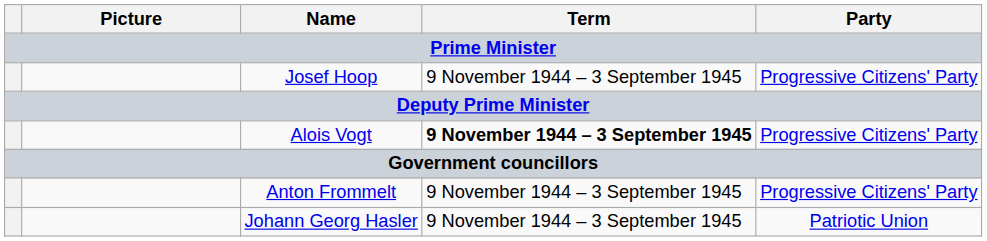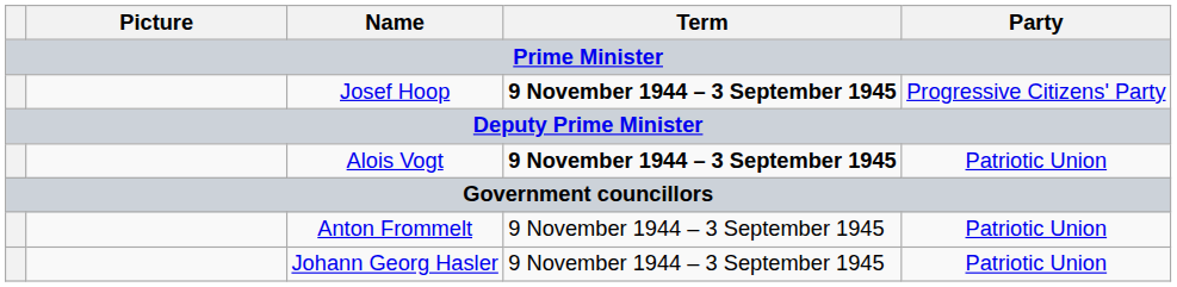 <table class="wikitable" style="text-align:center">
 <tr>
 <th style="width: 0.5em"></th>
 <th style="width: 11.5em"><strong>Picture</strong></th>
 <th><strong>Name</strong></th>
 <th><strong>Term</strong></th>
 <th><strong>Party</strong></th>
 </tr>
 <tr>
 <th colspan="6" style="background:#CCD2D9"><a href='#'>Prime Minister</a></th>
 </tr>
 <tr>
 <th style="background:"></th>
 <td></td>
 <td><a href='#'>Josef Hoop</a></td>
-<td style="text-align:left">9 November 1944 – 3 September 1945</td>
+<td style="text-align:left"><strong>9 November 1944 – 3 September 1945</strong></td>
 <td><a href='#'>Progressive Citizens' Party</a></td>
 </tr>
 <tr>
 <th colspan="6" style="background:#CCD2D9"><a href='#'>Deputy Prime Minister</a></th>
 </tr>
 <tr>
 <th style="background:"></th>
 <td></td>
 <td><a href='#'>Alois Vogt</a></td>
 <td style="text-align:left"><strong>9 November 1944 – 3 September 1945</strong></td>
-<td><a href='#'>Progressive Citizens' Party</a></td>
+<td><a href='#'>Patriotic Union</a></td>
 </tr>
 <tr>
 <th colspan="6" style="background:#CCD2D9">Government councillors</th>
 </tr>
 <tr>
 <th style="background:"></th>
 <td></td>
 <td><a href='#'>Anton Frommelt</a></td>
 <td style="text-align:left">9 November 1944 – 3 September 1945</td>
-<td><a href='#'>Progressive Citizens' Party</a></td>
+<td><a href='#'>Patriotic Union</a></td>
 </tr>
 <tr>
 <th style="background:"></th>
 <td></td>
 <td><a href='#'>Johann Georg Hasler</a></td>
 <td style="text-align:left">9 November 1944 – 3 September 1945</td>
 <td><a href='#'>Patriotic Union</a></td>
 </tr>
 </table>
